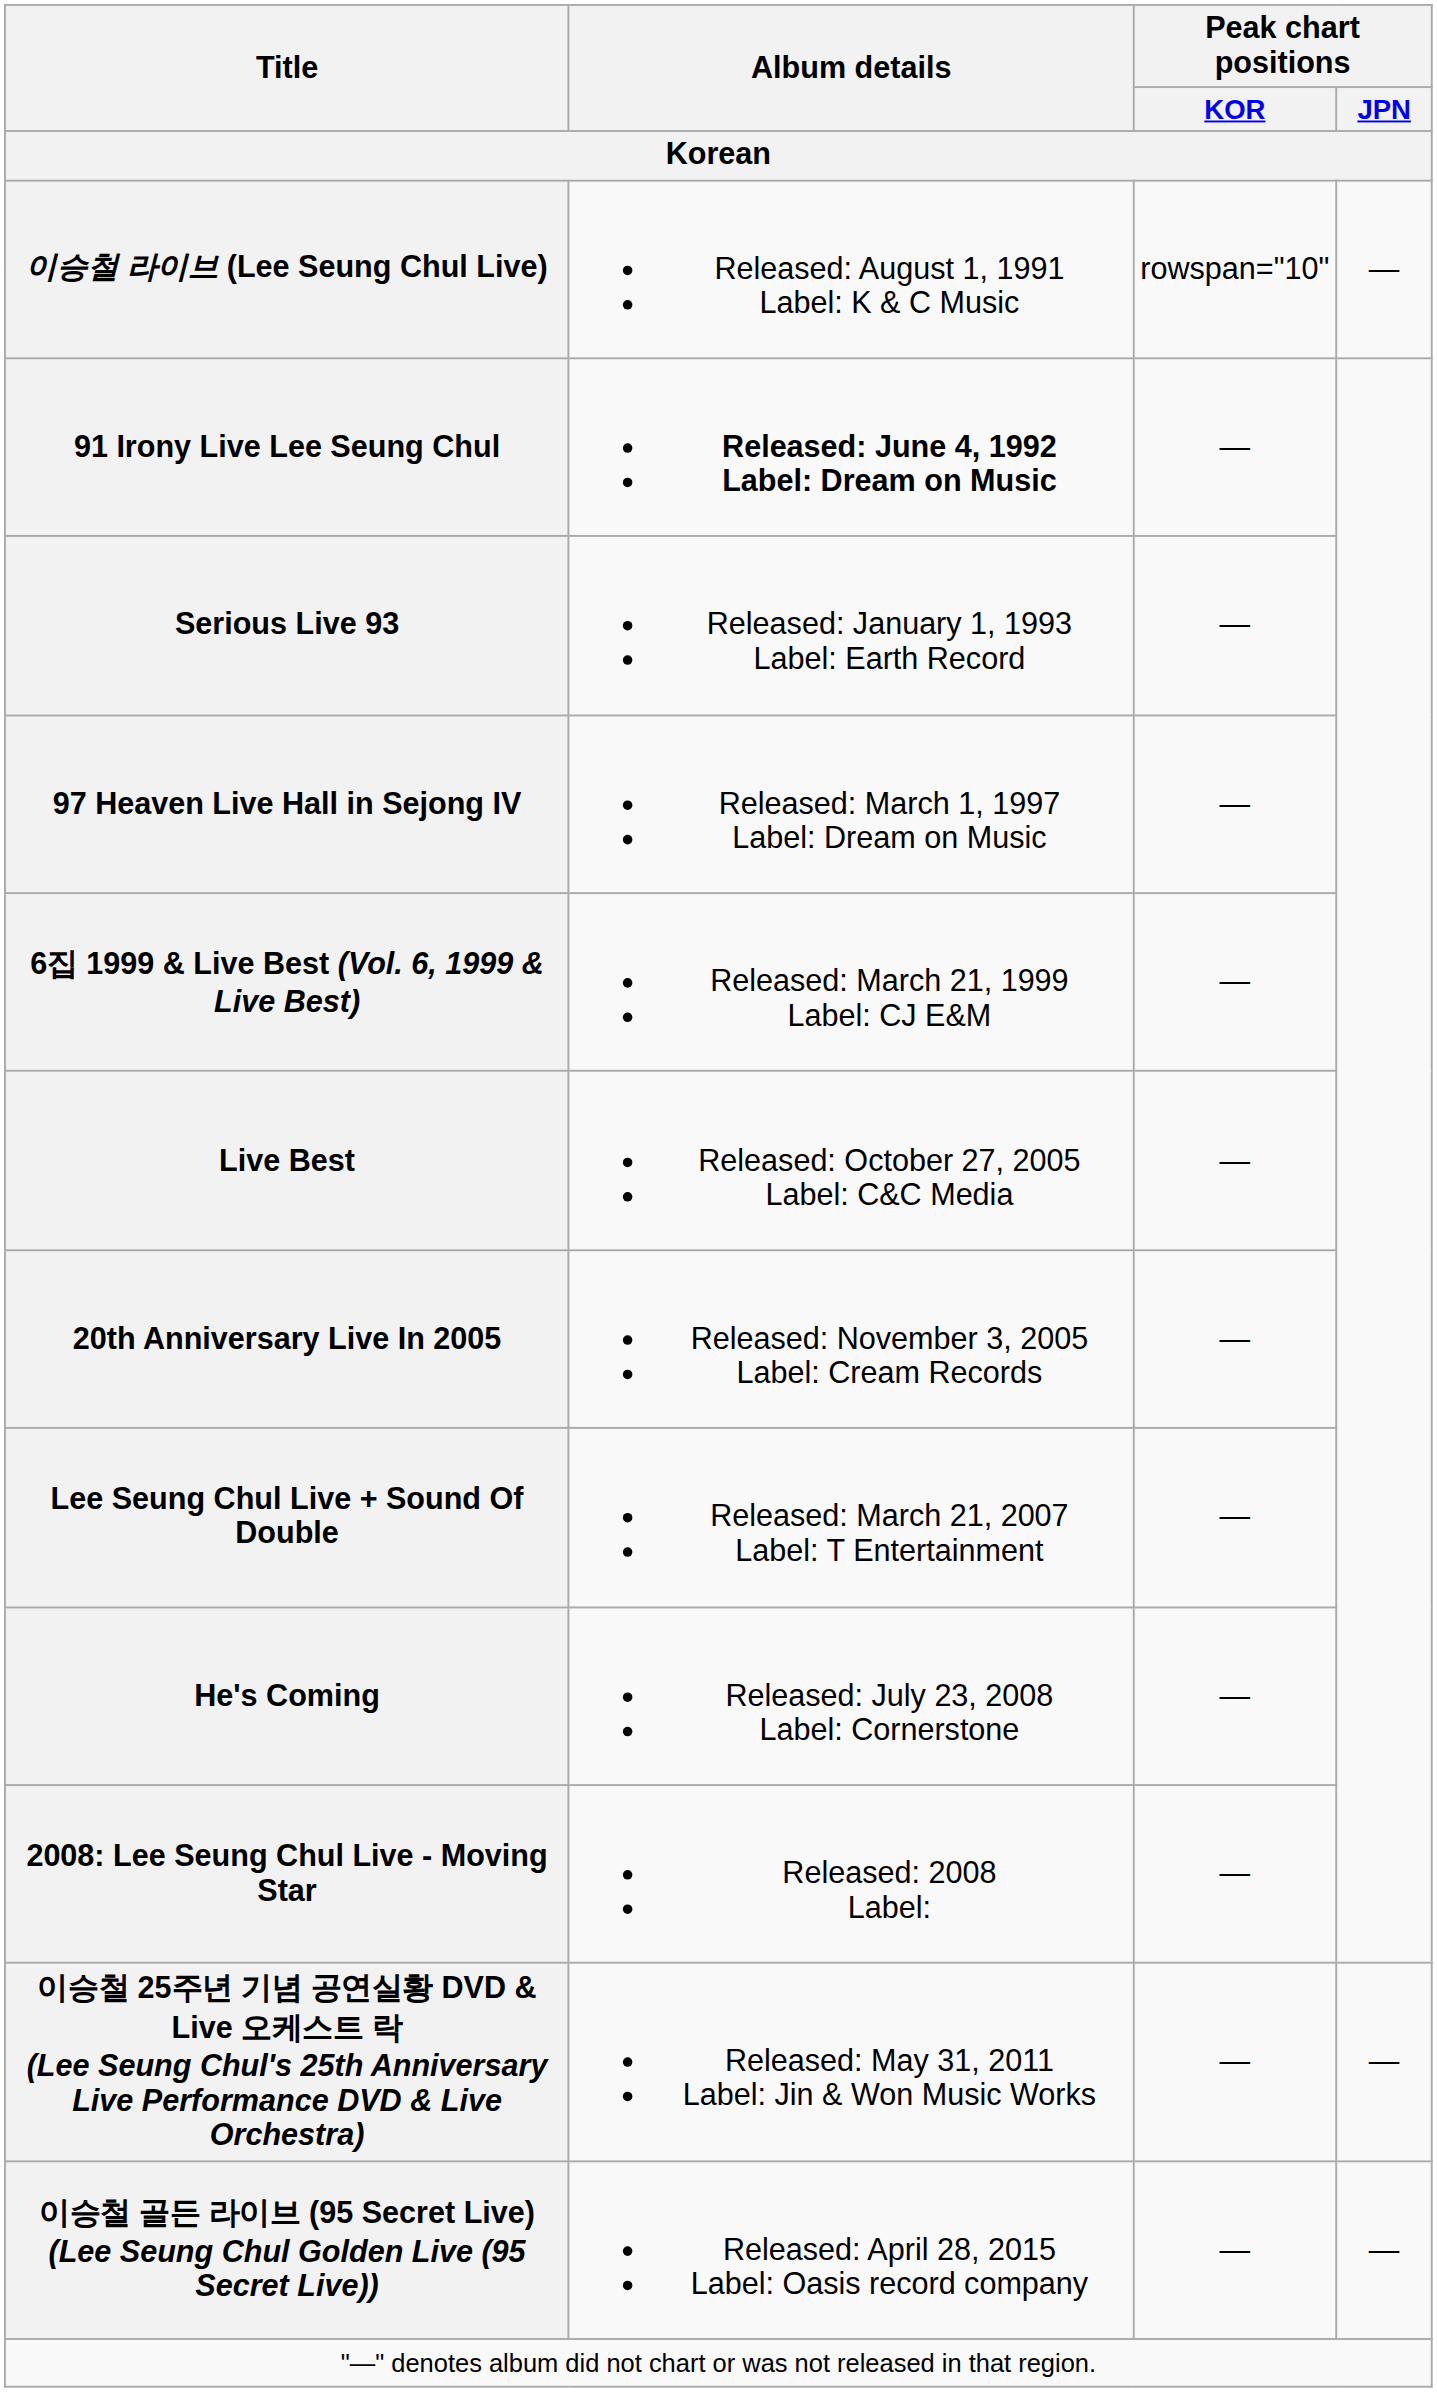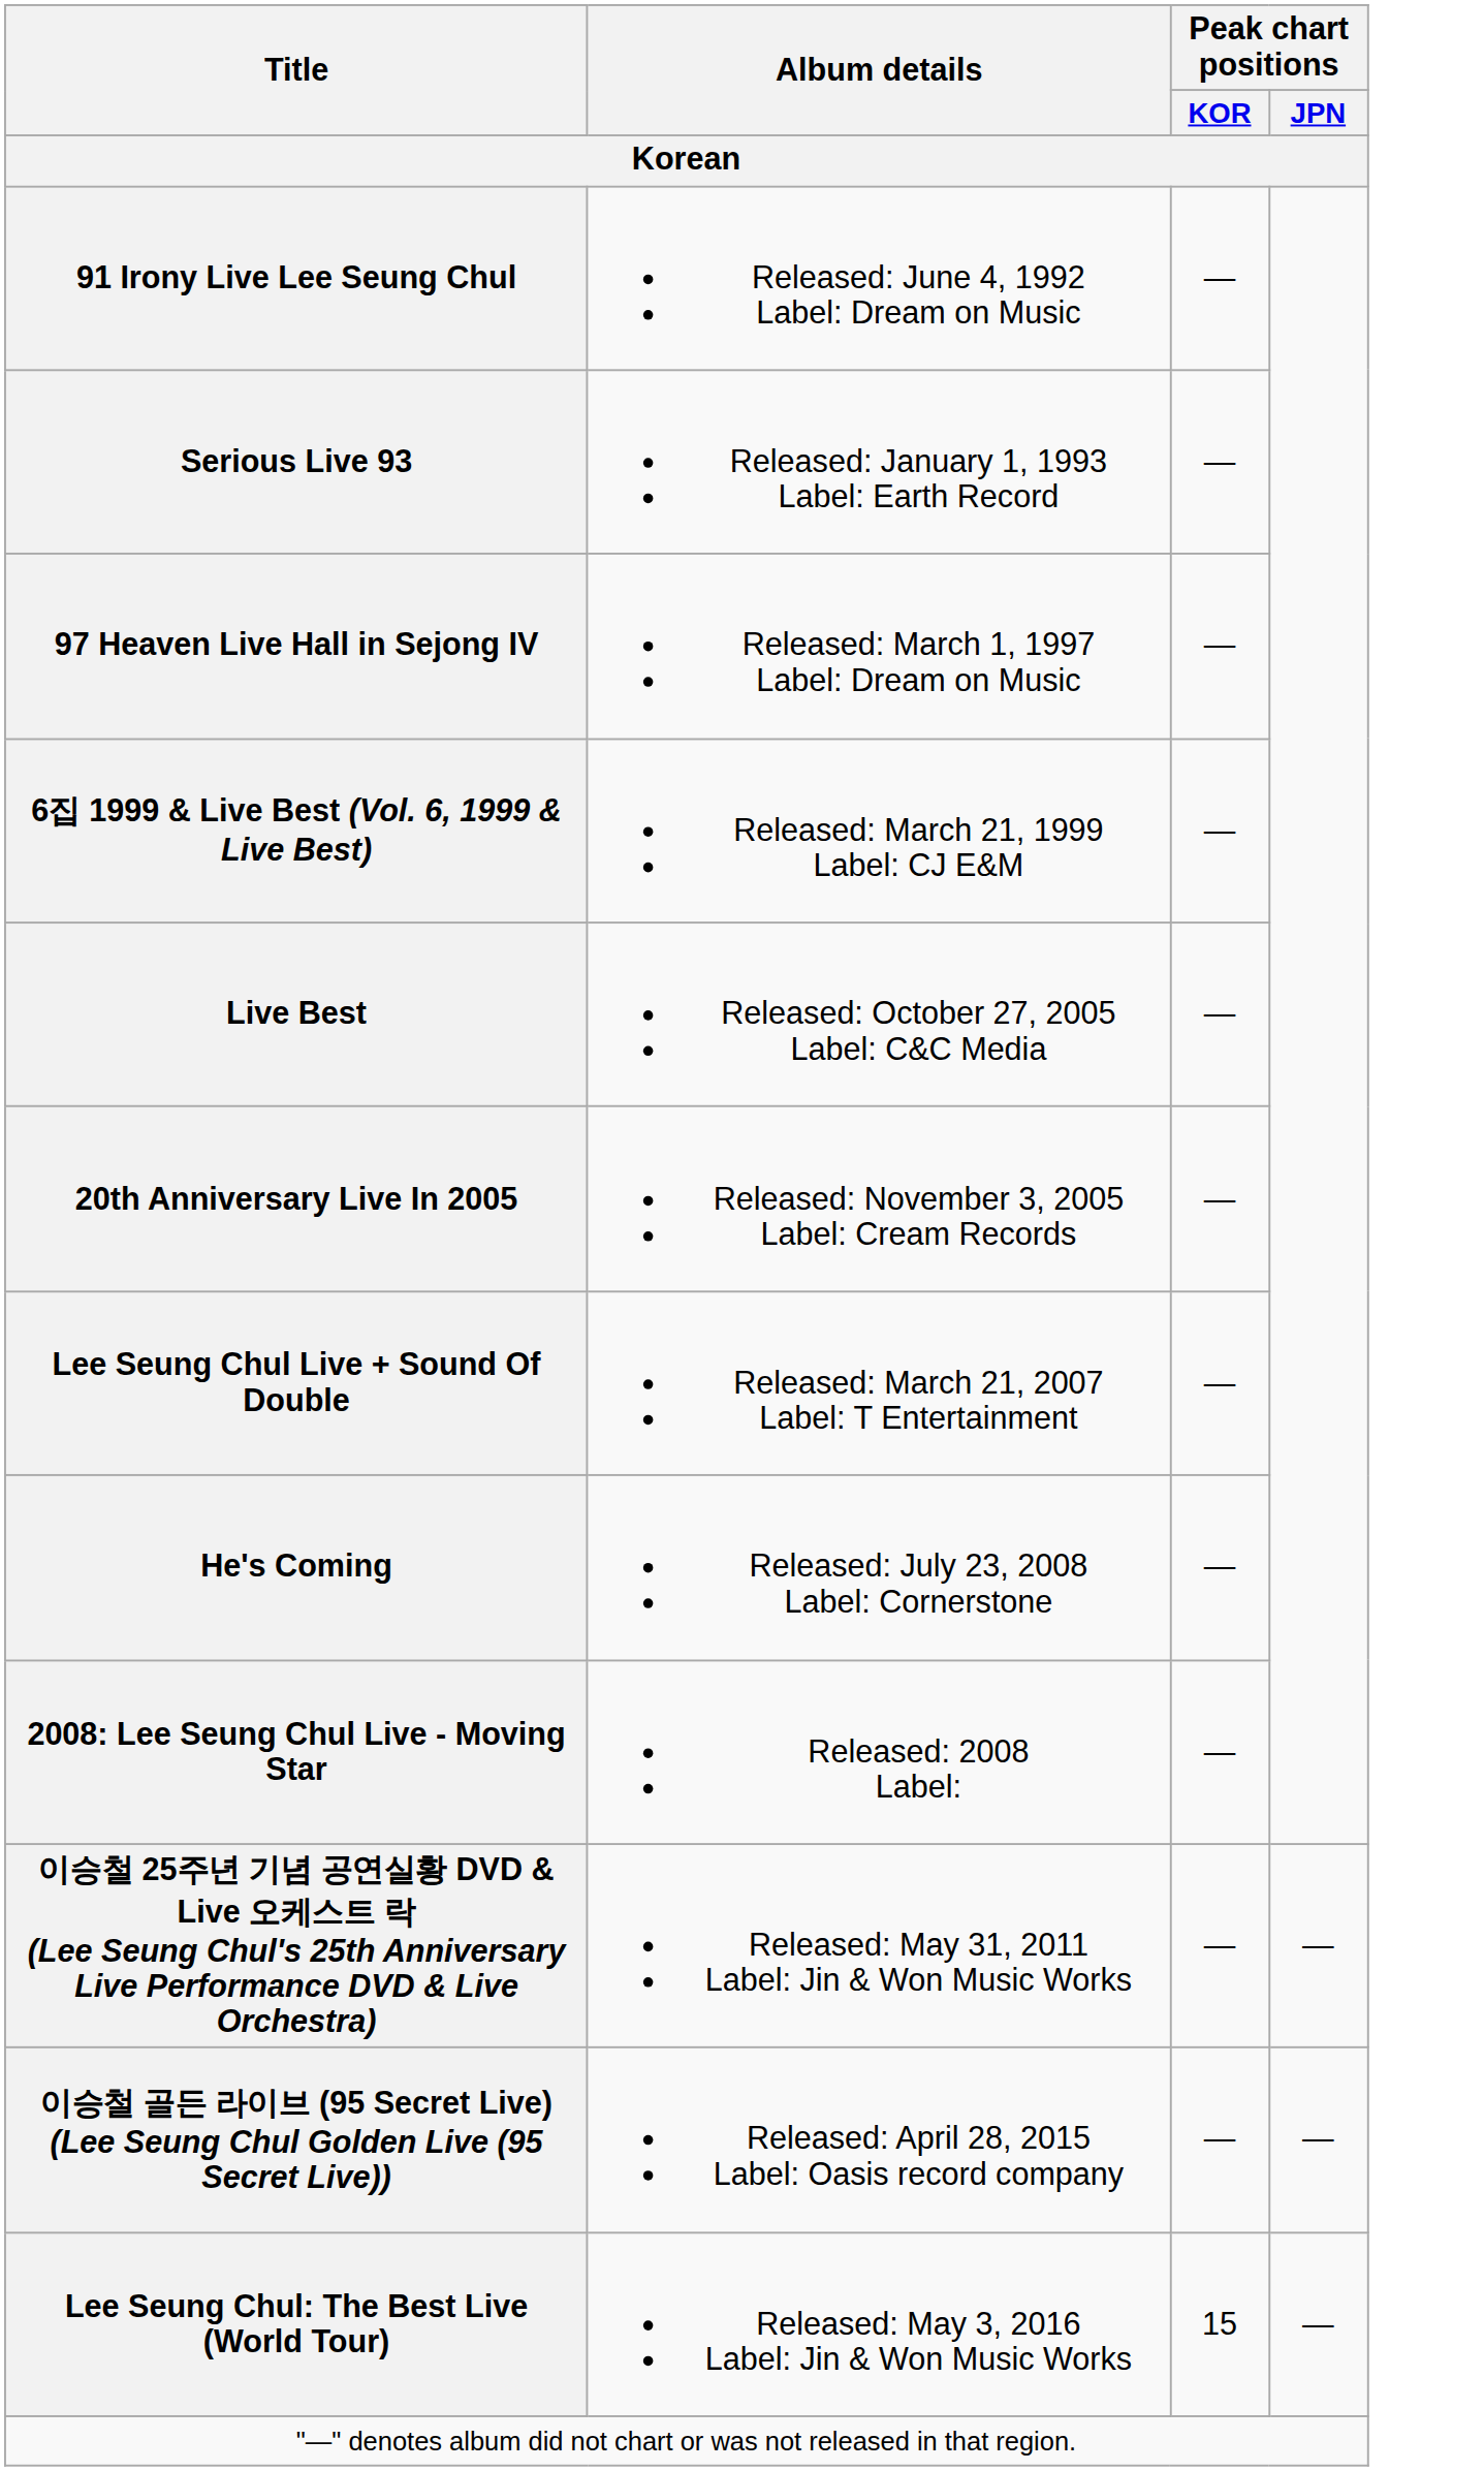 <table class="wikitable plainrowheaders" style="text-align:center;">
 <tr>
 <th scope="col" rowspan="2" style="width:18em;">Title</th>
 <th scope="col" rowspan="2" style="width:18em;">Album details</th>
 <th colspan="2" scope="col">Peak chart positions</th>
 </tr>
 <tr>
 <th style="width:3em;font-size:90%;"><a href='#'>KOR</a><br></th>
 <th style="width:3em;font-size:90%;"><a href='#'>JPN</a><br></th>
 </tr>
 <tr>
 <th colspan="4">Korean</th>
 </tr>
 <tr>
-<th scope="row"><em>이승철 라이브</em> (Lee Seung Chul Live)</th>
-<td><br><ul><li>Released: August 1, 1991</li><li>Label: K & C Music</li></ul></td>
-<td>rowspan="10" </td>
-<td>—</td>
-</tr>
-<tr>
 <th scope="row"><strong>91 Irony Live Lee Seung Chul<em></th>
-<td><strong><br><ul><li>Released: June 4, 1992</li><li>Label: Dream on Music</li></ul></strong></td>
+<td><br><ul><li>Released: June 4, 1992</li><li>Label: Dream on Music</li></ul></td>
 <td>—</td>
 </tr>
 <tr>
 <th scope="row"></em>Serious Live 93<em></th>
 <td><br><ul><li>Released: January 1, 1993</li><li>Label: Earth Record</li></ul></td>
 <td>—</td>
 </tr>
 <tr>
 <th scope="row"></em>97 Heaven Live Hall in Sejong IV<em></th>
 <td><br><ul><li>Released: March 1, 1997</li><li>Label: Dream on Music</li></ul></td>
 <td>—</td>
 </tr>
 <tr>
 <th scope="row"></em>6집 1999 & Live Best<em> (Vol. 6, 1999 & Live Best)</th>
 <td><br><ul><li>Released: March 21, 1999</li><li>Label: CJ E&M</li></ul></td>
 <td>—</td>
 </tr>
 <tr>
 <th scope="row"></em>Live Best<em></th>
 <td><br><ul><li>Released: October 27, 2005</li><li>Label: C&C Media</li></ul></td>
 <td>—</td>
 </tr>
 <tr>
 <th scope="row"></em>20th Anniversary Live In 2005<em></th>
 <td><br><ul><li>Released: November 3, 2005</li><li>Label: Cream Records</li></ul></td>
 <td>—</td>
 </tr>
 <tr>
 <th scope="row"></em>Lee Seung Chul Live + Sound Of Double<em></th>
 <td><br><ul><li>Released: March 21, 2007</li><li>Label: T Entertainment</li></ul></td>
 <td>—</td>
 </tr>
 <tr>
 <th scope="row"></em>He's Coming<em></th>
 <td><br><ul><li>Released: July 23, 2008</li><li>Label: Cornerstone</li></ul></td>
 <td>—</td>
 </tr>
 <tr>
 <th scope="row"></em>2008: Lee Seung Chul Live - Moving Star<em></th>
 <td><br><ul><li>Released: 2008</li><li>Label:</li></ul></td>
 <td>—</td>
 </tr>
 <tr>
 <th scope="row"></em>이승철 25주년 기념 공연실황 DVD & Live 오케스트 락<em><br> (Lee Seung Chul's 25th Anniversary Live Performance DVD & Live Orchestra)</th>
 <td><br><ul><li>Released: May 31, 2011</li><li>Label: Jin & Won Music Works</li></ul></td>
 <td>—</td>
 <td>—</td>
 </tr>
 <tr>
 <th scope="row"></em>이승철 골든 라이브 (95 Secret Live)<em> (Lee Seung Chul Golden Live (95 Secret Live))</th>
 <td><br><ul><li>Released: April 28, 2015</li><li>Label: Oasis record company</li></ul></td>
 <td>—</td>
 <td>—</td>
 </tr>
 <tr>
+<th scope="row"></em>Lee Seung Chul: The Best Live (World Tour)<em></th>
+<td><br><ul><li>Released: May 3, 2016</li><li>Label: Jin & Won Music Works</li></ul></td>
+<td>15</td>
+<td>—</td>
+</tr>
+<tr>
 <td colspan="4"><small>"—" denotes album did not chart or was not released in that region.</small></td>
 </tr>
 </table>
